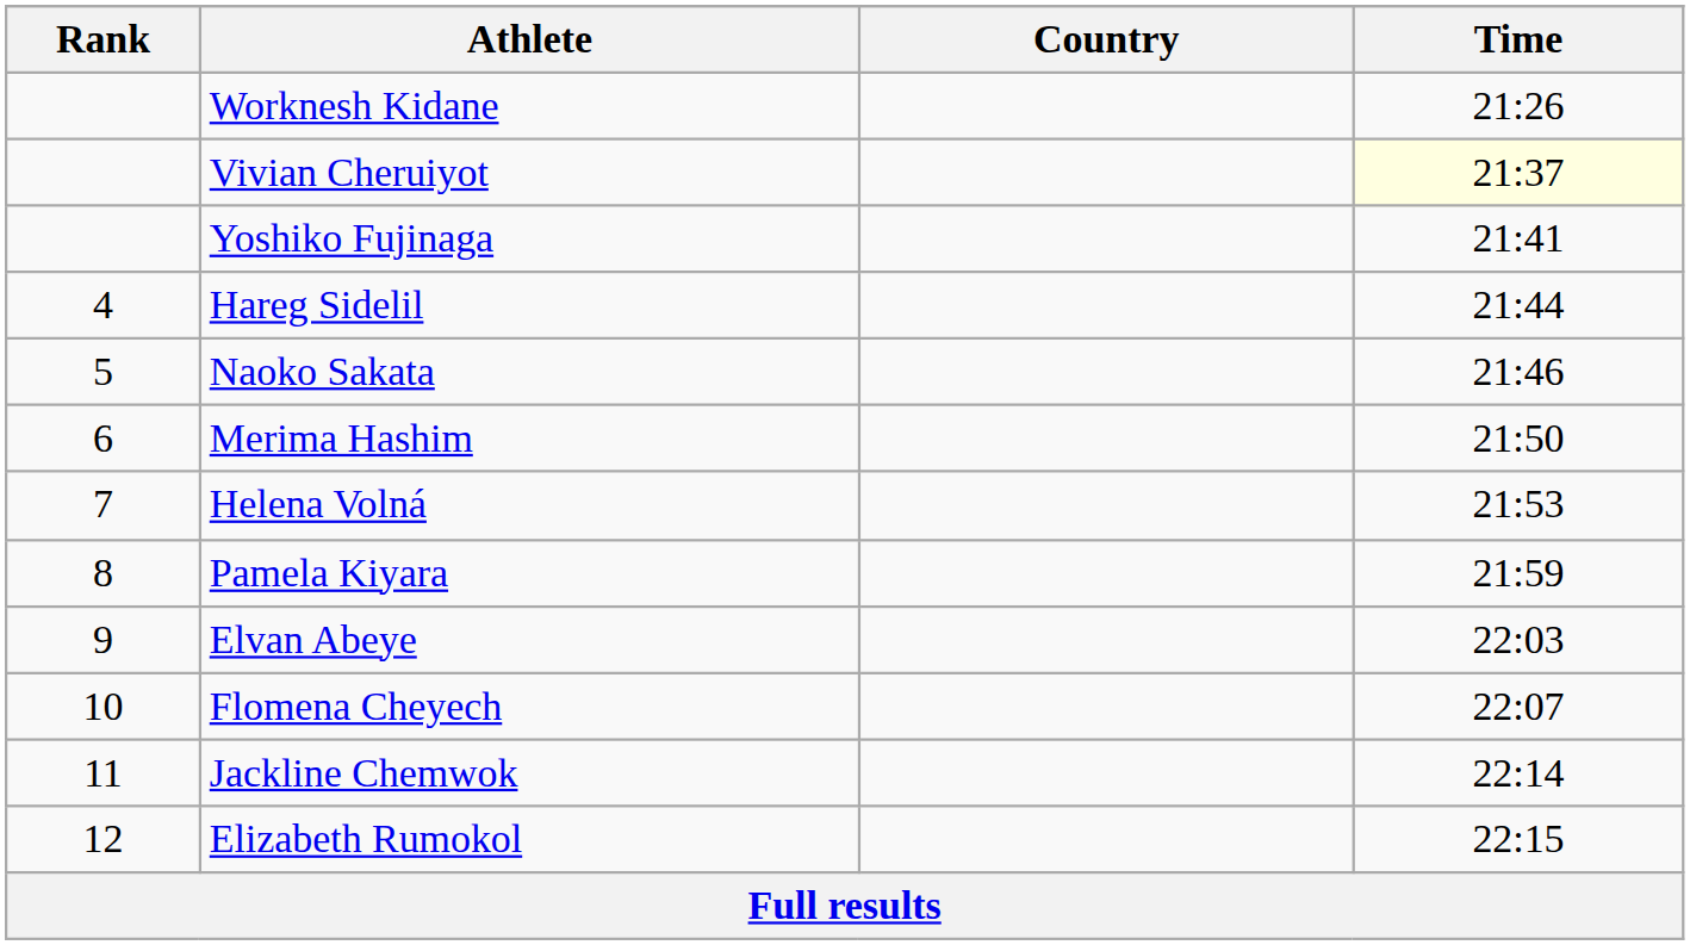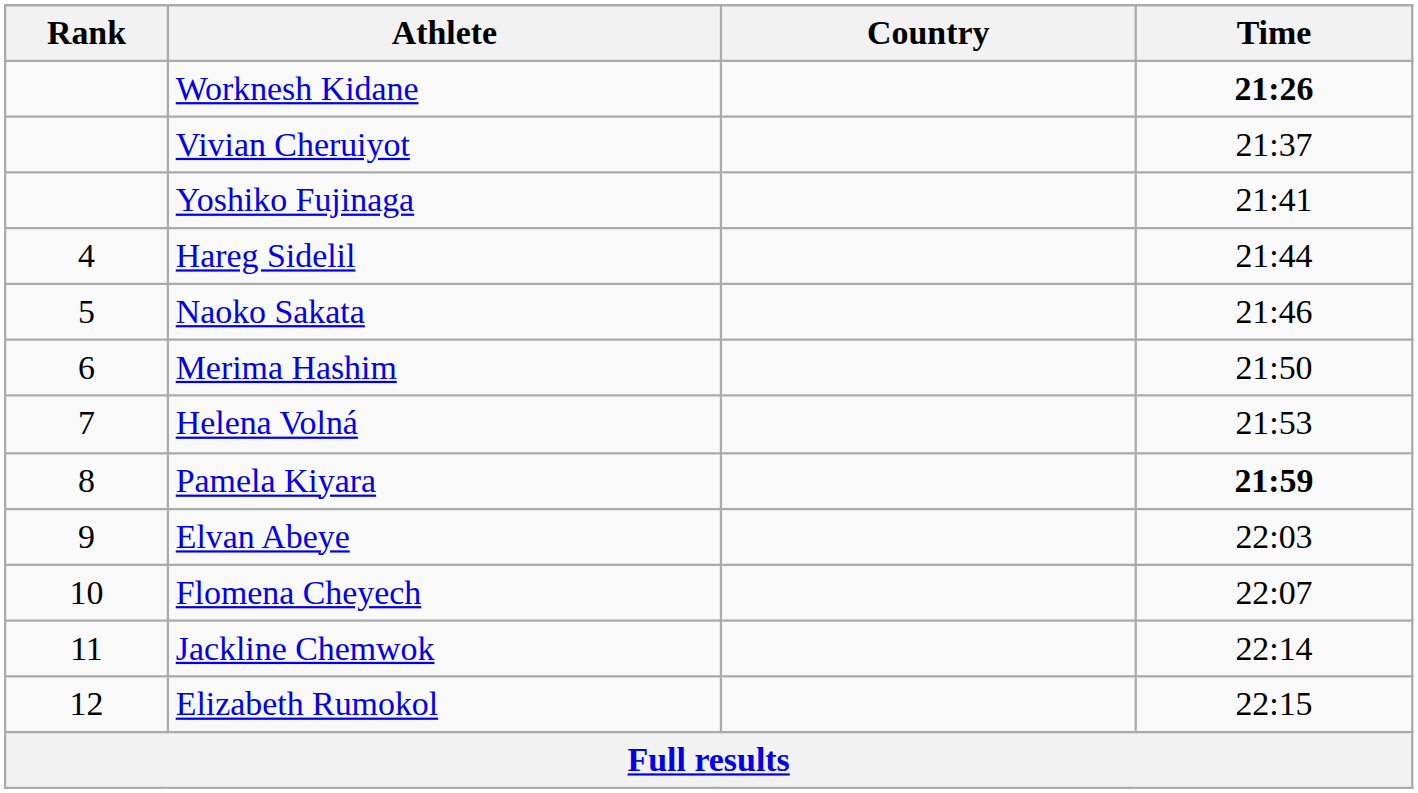 <table class="wikitable sortable" style=" text-align:center; font-size:95%;" width="50%">
 <tr>
 </tr>
 <tr>
 <th width=5%>Rank</th>
 <th width=20%>Athlete</th>
 <th width=15%>Country</th>
 <th width=10%>Time</th>
 </tr>
 <tr>
 <td align=center></td>
 <td align=left><a href='#'>Worknesh Kidane</a></td>
 <td align=left></td>
-<td>21:26</td>
+<td><strong>21:26</strong></td>
 </tr>
 <tr>
 <td align=center></td>
 <td align=left><a href='#'>Vivian Cheruiyot</a></td>
 <td align=left></td>
-<td style="background: lightyellow;">21:37</td>
+<td>21:37</td>
 </tr>
 <tr>
 <td align=center></td>
 <td align=left><a href='#'>Yoshiko Fujinaga</a></td>
 <td align=left></td>
 <td>21:41</td>
 </tr>
 <tr>
 <td align=center>4</td>
 <td align=left><a href='#'>Hareg Sidelil</a></td>
 <td align=left></td>
 <td>21:44</td>
 </tr>
 <tr>
 <td align=center>5</td>
 <td align=left><a href='#'>Naoko Sakata</a></td>
 <td align=left></td>
 <td>21:46</td>
 </tr>
 <tr>
 <td align=center>6</td>
 <td align=left><a href='#'>Merima Hashim</a></td>
 <td align=left></td>
 <td>21:50</td>
 </tr>
 <tr>
 <td align=center>7</td>
 <td align=left><a href='#'>Helena Volná</a></td>
 <td align=left></td>
 <td>21:53</td>
 </tr>
 <tr>
 <td align=center>8</td>
 <td align=left><a href='#'>Pamela Kiyara</a></td>
 <td align=left></td>
-<td>21:59</td>
+<td><strong>21:59</strong></td>
 </tr>
 <tr>
 <td align=center>9</td>
 <td align=left><a href='#'>Elvan Abeye</a></td>
 <td align=left></td>
 <td>22:03</td>
 </tr>
 <tr>
 <td align=center>10</td>
 <td align=left><a href='#'>Flomena Cheyech</a></td>
 <td align=left></td>
 <td>22:07</td>
 </tr>
 <tr>
 <td align=center>11</td>
 <td align=left><a href='#'>Jackline Chemwok</a></td>
 <td align=left></td>
 <td>22:14</td>
 </tr>
 <tr>
 <td align=center>12</td>
 <td align=left><a href='#'>Elizabeth Rumokol</a></td>
 <td align=left></td>
 <td>22:15</td>
 </tr>
 <tr class="sortbottom">
 <th colspan=4 align=center><a href='#'>Full results</a></th>
 </tr>
 </table>
